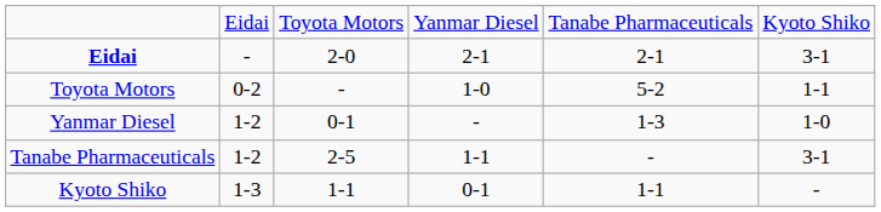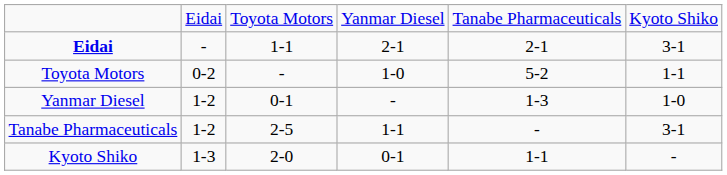 <table class="wikitable">
 <tr align=center>
 <td></td>
 <td><a href='#'>Eidai</a></td>
 <td><a href='#'>Toyota Motors</a></td>
 <td><a href='#'>Yanmar Diesel</a></td>
 <td><a href='#'>Tanabe Pharmaceuticals</a></td>
 <td><a href='#'>Kyoto Shiko</a></td>
 </tr>
 <tr align=center>
 <td><strong><a href='#'>Eidai</a></strong></td>
 <td>-</td>
-<td>2-0</td>
+<td>1-1</td>
 <td>2-1</td>
 <td>2-1</td>
 <td>3-1</td>
 </tr>
 <tr align=center>
 <td><a href='#'>Toyota Motors</a></td>
 <td>0-2</td>
 <td>-</td>
 <td>1-0</td>
 <td>5-2</td>
 <td>1-1</td>
 </tr>
 <tr align=center>
 <td><a href='#'>Yanmar Diesel</a></td>
 <td>1-2</td>
 <td>0-1</td>
 <td>-</td>
 <td>1-3</td>
 <td>1-0</td>
 </tr>
 <tr align=center>
 <td><a href='#'>Tanabe Pharmaceuticals</a></td>
 <td>1-2</td>
 <td>2-5</td>
 <td>1-1</td>
 <td>-</td>
 <td>3-1</td>
 </tr>
 <tr align=center>
 <td><a href='#'>Kyoto Shiko</a></td>
 <td>1-3</td>
-<td>1-1</td>
+<td>2-0</td>
 <td>0-1</td>
 <td>1-1</td>
 <td>-</td>
 </tr>
 </table>
